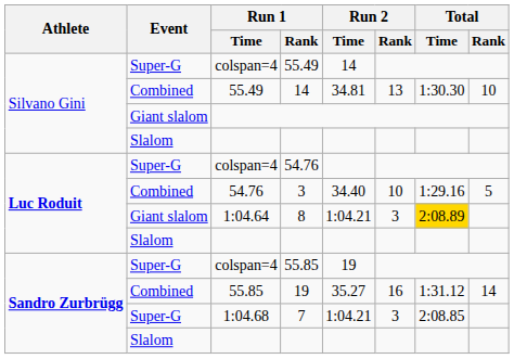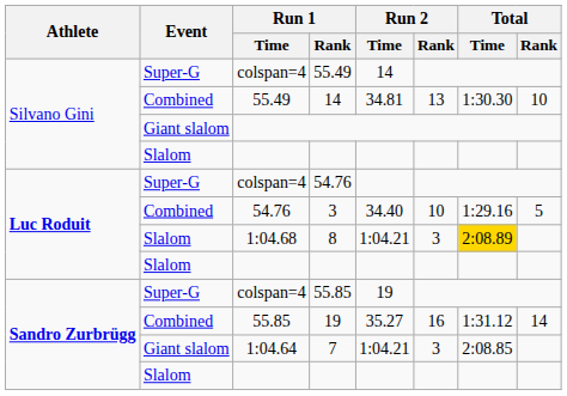 <table class="wikitable" style="font-size:90%">
 <tr>
 <th rowspan=2>Athlete</th>
 <th rowspan=2>Event</th>
 <th colspan=2>Run 1</th>
 <th colspan=2>Run 2</th>
 <th colspan=2>Total</th>
 </tr>
 <tr style="font-size:95%">
 <th>Time</th>
 <th>Rank</th>
 <th>Time</th>
 <th>Rank</th>
 <th>Time</th>
 <th>Rank</th>
 </tr>
 <tr align=center>
 <td align="left" rowspan="4"><a href='#'>Silvano Gini</a></td>
 <td align="left"><a href='#'>Super-G</a></td>
 <td>colspan=4</td>
 <td>55.49</td>
 <td>14</td>
 </tr>
 <tr align=center>
 <td align="left"><a href='#'>Combined</a></td>
 <td>55.49</td>
 <td>14</td>
 <td>34.81</td>
 <td>13</td>
 <td>1:30.30</td>
 <td>10</td>
 </tr>
 <tr align=center>
 <td align="left"><a href='#'>Giant slalom</a></td>
 <td colspan=6></td>
 </tr>
 <tr align=center>
 <td align="left"><a href='#'>Slalom</a></td>
 <td></td>
 <td></td>
 <td></td>
 <td></td>
 <td></td>
 <td></td>
 </tr>
 <tr align=center>
 <td align="left" rowspan="4"><strong><a href='#'>Luc Roduit</a></strong></td>
 <td align="left"><a href='#'>Super-G</a></td>
 <td>colspan=4</td>
 <td>54.76</td>
 <td><strong></strong></td>
 </tr>
 <tr align=center>
 <td align="left"><a href='#'>Combined</a></td>
 <td>54.76</td>
 <td>3</td>
 <td>34.40</td>
 <td>10</td>
 <td>1:29.16</td>
 <td>5</td>
 </tr>
 <tr align=center>
-<td align="left"><a href='#'>Giant slalom</a></td>
-<td>1:04.64</td>
+<td align="left"><a href='#'>Slalom</a></td>
+<td>1:04.68</td>
 <td>8</td>
 <td>1:04.21</td>
 <td>3</td>
 <td style="background: gold;">2:08.89</td>
 <td><strong></strong></td>
 </tr>
 <tr align=center>
 <td align="left"><a href='#'>Slalom</a></td>
 <td></td>
 <td></td>
 <td></td>
 <td></td>
 <td></td>
 <td></td>
 </tr>
 <tr align=center>
 <td align="left" rowspan="4"><strong><a href='#'>Sandro Zurbrügg</a></strong></td>
 <td align="left"><a href='#'>Super-G</a></td>
 <td>colspan=4</td>
 <td>55.85</td>
 <td>19</td>
 </tr>
 <tr align=center>
 <td align="left"><a href='#'>Combined</a></td>
 <td>55.85</td>
 <td>19</td>
 <td>35.27</td>
 <td>16</td>
 <td>1:31.12</td>
 <td>14</td>
 </tr>
 <tr align=center>
-<td align="left"><a href='#'>Super-G</a></td>
-<td>1:04.68</td>
+<td align="left"><a href='#'>Giant slalom</a></td>
+<td>1:04.64</td>
 <td>7</td>
 <td>1:04.21</td>
 <td>3</td>
 <td>2:08.85</td>
 <td><strong></strong></td>
 </tr>
 <tr align=center>
 <td align="left"><a href='#'>Slalom</a></td>
 <td></td>
 <td></td>
 <td></td>
 <td></td>
 <td></td>
 <td></td>
 </tr>
 </table>
